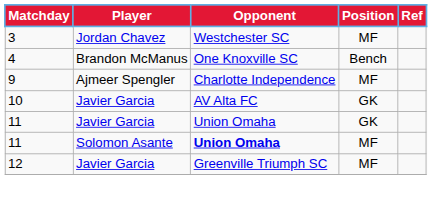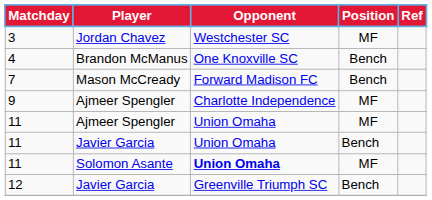 <table class=wikitable>
 <tr>
 <th style="background:#E31735; color:#FFFFFF; border:2px solid #5FAFE4;">Matchday</th>
 <th style="background:#E31735; color:#FFFFFF; border:2px solid #5FAFE4;">Player</th>
 <th style="background:#E31735; color:#FFFFFF; border:2px solid #5FAFE4;">Opponent</th>
 <th style="background:#E31735; color:#FFFFFF; border:2px solid #5FAFE4;">Position</th>
 <th style="background:#E31735; color:#FFFFFF; border:2px solid #5FAFE4;">Ref</th>
 </tr>
 <tr>
 <td>3</td>
 <td> <a href='#'>Jordan Chavez</a></td>
 <td><a href='#'>Westchester SC</a></td>
 <td align=center>MF</td>
 <td style="text-align:center"></td>
 </tr>
 <tr>
 <td>4</td>
 <td> Brandon McManus</td>
 <td><a href='#'>One Knoxville SC</a></td>
 <td align=center>Bench</td>
 <td style="text-align:center"></td>
 </tr>
 <tr>
+<td>7</td>
+<td> Mason McCready</td>
+<td><a href='#'>Forward Madison FC</a></td>
+<td align=center>Bench</td>
+<td style="text-align:center"></td>
+</tr>
+<tr>
 <td>9</td>
 <td> Ajmeer Spengler</td>
 <td><a href='#'>Charlotte Independence</a></td>
 <td align=center>MF</td>
 <td style="text-align:center"></td>
 </tr>
 <tr>
-<td>10</td>
-<td> <a href='#'>Javier Garcia</a></td>
-<td><a href='#'>AV Alta FC</a></td>
-<td align=center>GK</td>
+<td>11</td>
+<td> Ajmeer Spengler</td>
+<td><a href='#'>Union Omaha</a></td>
+<td align=center>MF</td>
 <td style="text-align:center"></td>
 </tr>
 <tr>
 <td>11</td>
 <td> <a href='#'>Javier Garcia</a></td>
 <td><a href='#'>Union Omaha</a></td>
-<td align=center>GK</td>
+<td>Bench</td>
 <td style="text-align:center"></td>
 </tr>
 <tr>
 <td>11</td>
 <td> <a href='#'>Solomon Asante</a></td>
 <td><strong><a href='#'>Union Omaha</a></strong></td>
 <td align=center>MF</td>
 <td style="text-align:center"></td>
 </tr>
 <tr>
 <td>12</td>
 <td> <a href='#'>Javier Garcia</a></td>
 <td><a href='#'>Greenville Triumph SC</a></td>
-<td align=center>MF</td>
+<td>Bench</td>
 <td style="text-align:center"></td>
 </tr>
 <tr>
 </tr>
 </table>
